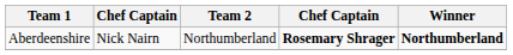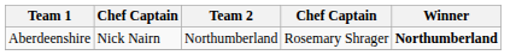 <table class="wikitable" border="1">
 <tr>
 <th>Team 1</th>
 <th>Chef Captain</th>
 <th>Team 2</th>
 <th>Chef Captain</th>
 <th>Winner</th>
 </tr>
 <tr>
 <td>Aberdeenshire</td>
 <td>Nick Nairn</td>
 <td>Northumberland</td>
-<td><strong>Rosemary Shrager</strong></td>
+<td>Rosemary Shrager</td>
 <td><strong>Northumberland</strong></td>
 </tr>
 <tr>
 </tr>
 </table>
